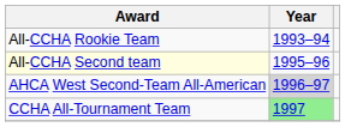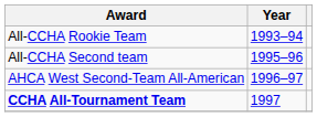 <table class="wikitable">
 <tr>
 <th>Award</th>
 <th>Year</th>
 <th></th>
 </tr>
 <tr>
 <td>All-<a href='#'>CCHA</a> <a href='#'>Rookie Team</a></td>
 <td><a href='#'>1993–94</a></td>
 <td></td>
 </tr>
 <tr>
-<td style="background: lightyellow;">All-<a href='#'>CCHA</a> <a href='#'>Second team</a></td>
+<td>All-<a href='#'>CCHA</a> <a href='#'>Second team</a></td>
 <td><a href='#'>1995–96</a></td>
 <td></td>
 </tr>
 <tr>
 <td><a href='#'>AHCA</a> <a href='#'>West Second-Team All-American</a></td>
-<td style="background: lightgrey;"><a href='#'>1996–97</a></td>
+<td><a href='#'>1996–97</a></td>
 <td></td>
 </tr>
 <tr>
-<td><a href='#'>CCHA</a> <a href='#'>All-Tournament Team</a></td>
-<td style="background: lightgreen;"><a href='#'>1997</a></td>
+<td><strong><a href='#'>CCHA</a> <a href='#'>All-Tournament Team</a></strong></td>
+<td><a href='#'>1997</a></td>
 <td></td>
 </tr>
 <tr>
 </tr>
 </table>
